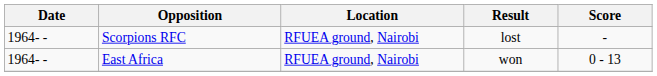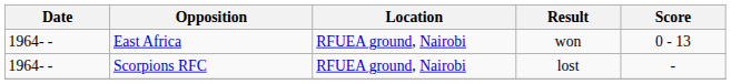 <table class="sortable wikitable" style="font-size:97%;">
 <tr>
 <th width="100pt">Date</th>
 <th width="200pt">Opposition</th>
 <th width="200pt">Location</th>
 <th width="100pt">Result</th>
 <th width="100pt">Score</th>
 </tr>
 <tr>
+<td>1964-  -  </td>
+<td><a href='#'>East Africa</a></td>
+<td><a href='#'>RFUEA ground</a>, <a href='#'>Nairobi</a></td>
+<td align="center">won</td>
+<td align="center">0 - 13</td>
+</tr>
+<tr>
 <td>1964-  -</td>
 <td><a href='#'>Scorpions RFC</a></td>
 <td><a href='#'>RFUEA ground</a>, <a href='#'>Nairobi</a></td>
 <td align="center">lost</td>
 <td align="center">-</td>
 </tr>
 <tr>
-<td>1964-  -  </td>
-<td><a href='#'>East Africa</a></td>
-<td><a href='#'>RFUEA ground</a>, <a href='#'>Nairobi</a></td>
-<td align="center">won</td>
-<td align="center">0 - 13</td>
-</tr>
-<tr>
 </tr>
 </table>
